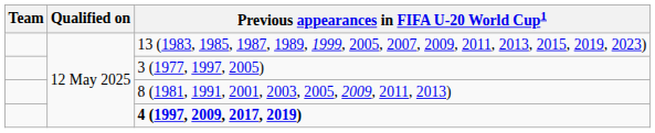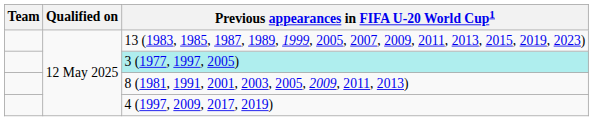 <table class="wikitable sortable">
 <tr>
 <th>Team</th>
 <th>Qualified on</th>
 <th data-sort-type="number">Previous <a href='#'>appearances</a> in <a href='#'>FIFA U-20 World Cup</a><sup><strong><a href='#'>1</a></strong></sup></th>
 </tr>
 <tr>
 <td></td>
 <td rowspan="4">12 May 2025</td>
 <td>13 (<a href='#'>1983</a>, <a href='#'>1985</a>, <a href='#'>1987</a>, <a href='#'>1989</a>, <em><a href='#'>1999</a></em>, <a href='#'>2005</a>, <a href='#'>2007</a>, <a href='#'>2009</a>, <a href='#'>2011</a>, <a href='#'>2013</a>, <a href='#'>2015</a>, <a href='#'>2019</a>, <a href='#'>2023</a>)</td>
 </tr>
 <tr>
 <td></td>
-<td>3 (<a href='#'>1977</a>, <a href='#'>1997</a>, <a href='#'>2005</a>)</td>
+<td style="background: paleturquoise;">3 (<a href='#'>1977</a>, <a href='#'>1997</a>, <a href='#'>2005</a>)</td>
 </tr>
 <tr>
 <td></td>
 <td>8 (<a href='#'>1981</a>, <a href='#'>1991</a>, <a href='#'>2001</a>, <a href='#'>2003</a>, <a href='#'>2005</a>, <em><a href='#'>2009</a></em>, <a href='#'>2011</a>, <a href='#'>2013</a>)</td>
 </tr>
 <tr>
 <td></td>
-<td><strong>4 (<a href='#'>1997</a>, <a href='#'>2009</a>, <a href='#'>2017</a>, <a href='#'>2019</a>)</strong></td>
+<td>4 (<a href='#'>1997</a>, <a href='#'>2009</a>, <a href='#'>2017</a>, <a href='#'>2019</a>)</td>
 </tr>
 </table>
